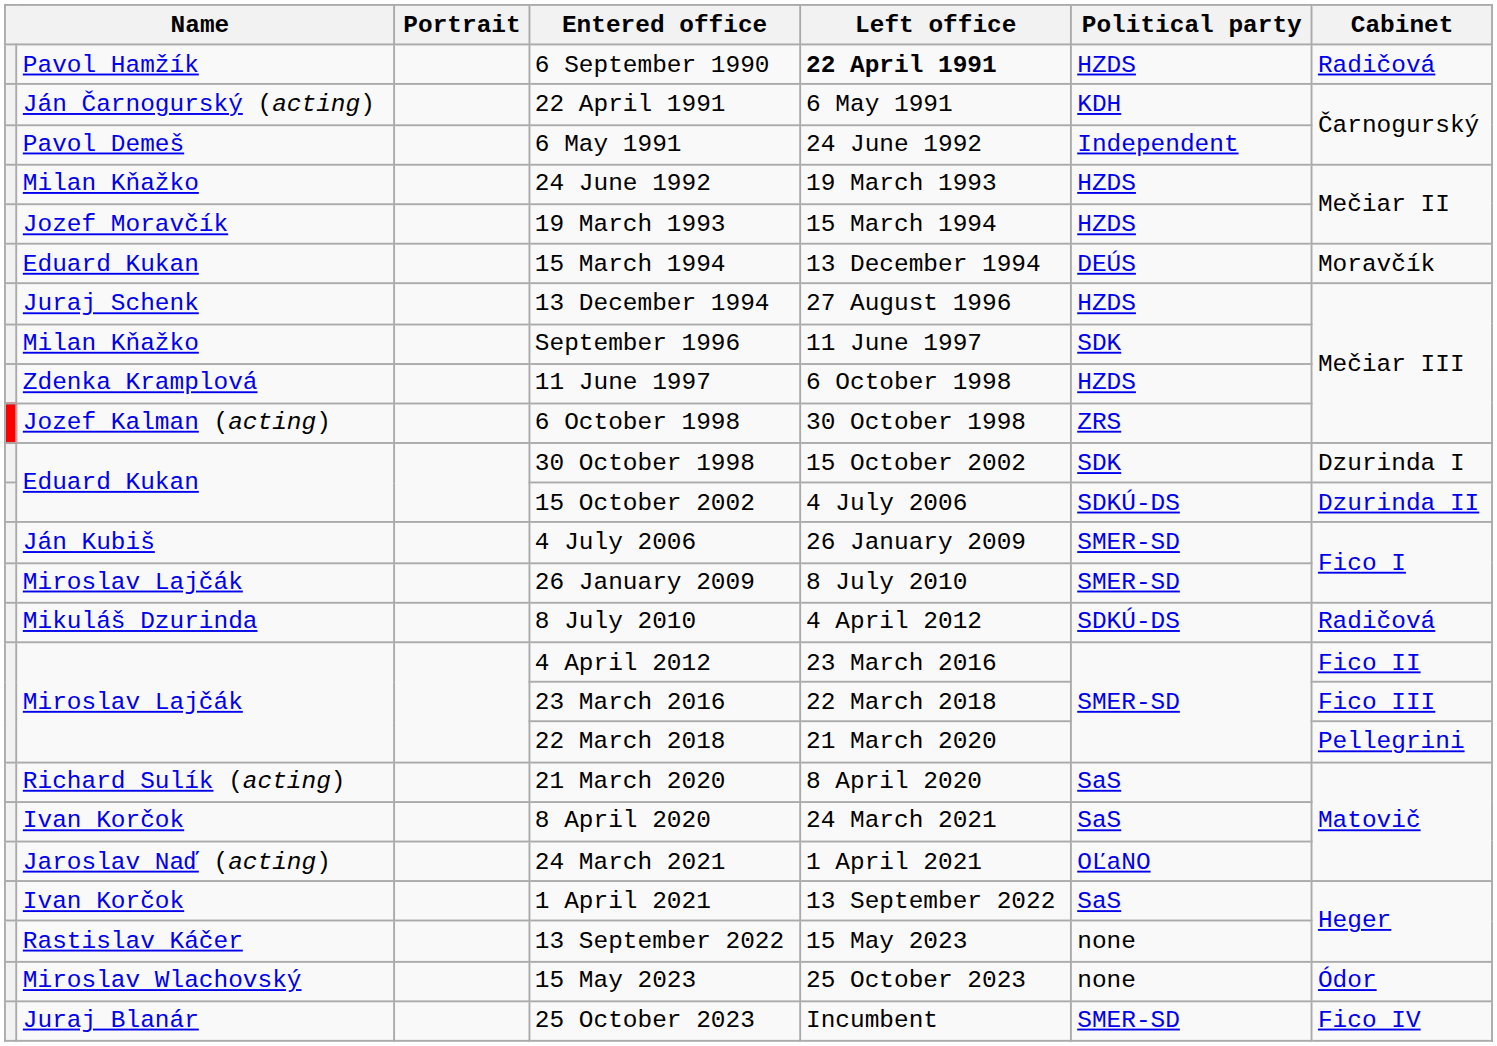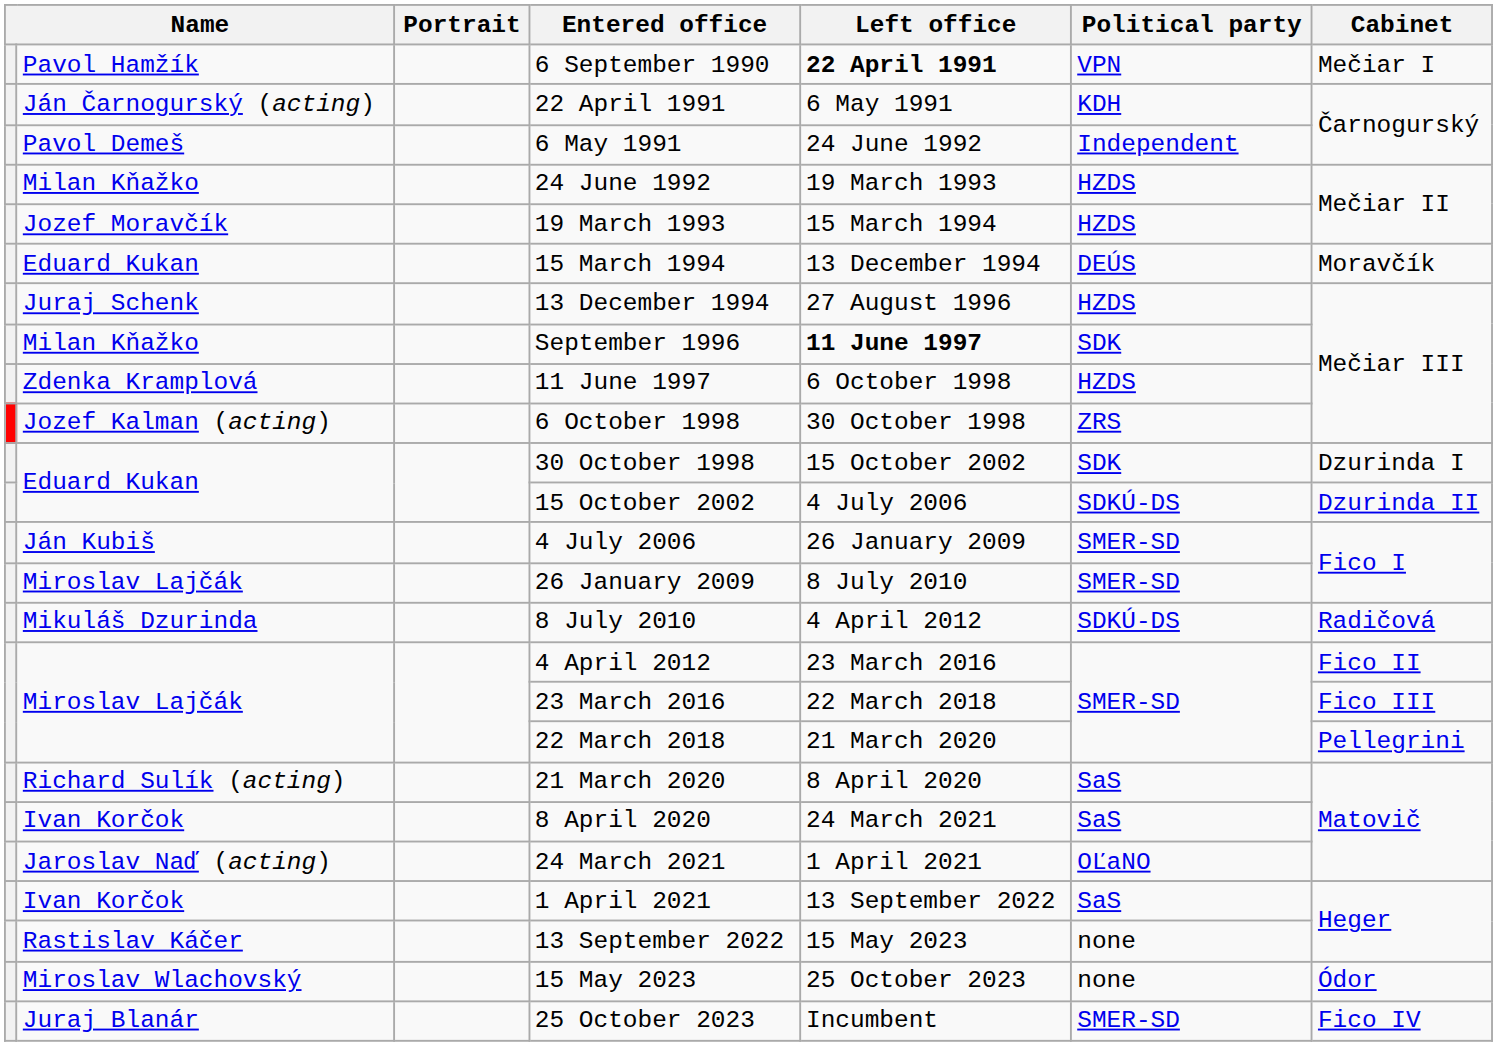 <table class="wikitable" width=50%>
 <tr>
 <th colspan=2>Name</th>
 <th>Portrait</th>
 <th>Entered office</th>
 <th>Left office</th>
 <th>Political party</th>
 <th>Cabinet</th>
 </tr>
 <tr>
 <th style="background-color: "></th>
 <td><a href='#'>Pavol Hamžík</a></td>
 <td></td>
 <td>6 September 1990</td>
 <td><strong>22 April 1991</strong></td>
-<td><a href='#'>HZDS</a></td>
-<td><a href='#'>Radičová</a></td>
+<td><a href='#'>VPN</a></td>
+<td>Mečiar I</td>
 </tr>
 <tr>
 <th style="background-color: "></th>
 <td><a href='#'>Ján Čarnogurský</a> (<em>acting</em>)</td>
 <td></td>
 <td>22 April 1991</td>
 <td>6 May 1991</td>
 <td><a href='#'>KDH</a></td>
 <td rowspan=2>Čarnogurský</td>
 </tr>
 <tr>
 <th style="background-color: "></th>
 <td><a href='#'>Pavol Demeš</a></td>
 <td></td>
 <td>6 May 1991</td>
 <td>24 June 1992</td>
 <td><a href='#'>Independent</a></td>
 </tr>
 <tr>
 <th style="background-color: "></th>
 <td><a href='#'>Milan Kňažko</a></td>
 <td></td>
 <td>24 June 1992</td>
 <td>19 March 1993</td>
 <td><a href='#'>HZDS</a></td>
 <td rowspan=2>Mečiar II</td>
 </tr>
 <tr>
 <th style="background-color: "></th>
 <td><a href='#'>Jozef Moravčík</a></td>
 <td></td>
 <td>19 March 1993</td>
 <td>15 March 1994</td>
 <td><a href='#'>HZDS</a></td>
 </tr>
 <tr>
 <th style="background-color: "></th>
 <td><a href='#'>Eduard Kukan</a></td>
 <td></td>
 <td>15 March 1994</td>
 <td>13 December 1994</td>
 <td><a href='#'>DEÚS</a></td>
 <td>Moravčík</td>
 </tr>
 <tr>
 <th style="background-color: "></th>
 <td><a href='#'>Juraj Schenk</a></td>
 <td></td>
 <td>13 December 1994</td>
 <td>27 August 1996</td>
 <td><a href='#'>HZDS</a></td>
 <td rowspan=4>Mečiar III</td>
 </tr>
 <tr>
 <th style="background-color: "></th>
 <td><a href='#'>Milan Kňažko</a></td>
 <td></td>
 <td>September 1996</td>
-<td>11 June 1997</td>
+<td><strong>11 June 1997</strong></td>
 <td><a href='#'>SDK</a></td>
 </tr>
 <tr>
 <th style="background-color: "></th>
 <td><a href='#'>Zdenka Kramplová</a></td>
 <td></td>
 <td>11 June 1997</td>
 <td>6 October 1998</td>
 <td><a href='#'>HZDS</a></td>
 </tr>
 <tr>
 <th style="background-color:Red"></th>
 <td><a href='#'>Jozef Kalman</a> (<em>acting</em>)</td>
 <td></td>
 <td>6 October 1998</td>
 <td>30 October 1998</td>
 <td><a href='#'>ZRS</a></td>
 </tr>
 <tr>
 <th style="background-color: "></th>
 <td rowspan="2"><a href='#'>Eduard Kukan</a></td>
 <td rowspan="2"></td>
 <td>30 October 1998</td>
 <td>15 October 2002</td>
 <td><a href='#'>SDK</a></td>
 <td>Dzurinda I</td>
 </tr>
 <tr>
 <th style="background-color: "></th>
 <td>15 October 2002</td>
 <td>4 July 2006</td>
 <td><a href='#'>SDKÚ-DS</a></td>
 <td><a href='#'>Dzurinda II</a></td>
 </tr>
 <tr>
 <th style="background-color: "></th>
 <td><a href='#'>Ján Kubiš</a></td>
 <td></td>
 <td>4 July 2006</td>
 <td>26 January 2009</td>
 <td><a href='#'>SMER-SD</a></td>
 <td rowspan=2><a href='#'>Fico I</a></td>
 </tr>
 <tr>
 <th style="background-color: "></th>
 <td><a href='#'>Miroslav Lajčák</a></td>
 <td></td>
 <td>26 January 2009</td>
 <td>8 July 2010</td>
 <td><a href='#'>SMER-SD</a></td>
 </tr>
 <tr>
 <th style="background-color: "></th>
 <td><a href='#'>Mikuláš Dzurinda</a></td>
 <td></td>
 <td>8 July 2010</td>
 <td>4 April 2012</td>
 <td><a href='#'>SDKÚ-DS</a></td>
 <td><a href='#'>Radičová</a></td>
 </tr>
 <tr>
 <th rowspan=3 style="background-color: "></th>
 <td rowspan=3><a href='#'>Miroslav Lajčák</a></td>
 <td rowspan=3></td>
 <td>4 April 2012</td>
 <td>23 March 2016</td>
 <td rowspan=3><a href='#'>SMER-SD</a></td>
 <td><a href='#'>Fico II</a></td>
 </tr>
 <tr>
 <td>23 March 2016</td>
 <td>22 March 2018</td>
 <td><a href='#'>Fico III</a></td>
 </tr>
 <tr>
 <td>22 March 2018</td>
 <td>21 March 2020</td>
 <td><a href='#'>Pellegrini</a></td>
 </tr>
 <tr>
 <th style="background-color: "></th>
 <td><a href='#'>Richard Sulík</a> (<em>acting</em>)</td>
 <td></td>
 <td>21 March 2020</td>
 <td>8 April 2020</td>
 <td><a href='#'>SaS</a></td>
 <td rowspan=3><a href='#'>Matovič</a></td>
 </tr>
 <tr>
 <th style="background-color: "></th>
 <td><a href='#'>Ivan Korčok</a></td>
 <td></td>
 <td>8 April 2020</td>
 <td>24 March 2021</td>
 <td><a href='#'>SaS</a></td>
 </tr>
 <tr>
 <th style="background-color: "></th>
 <td><a href='#'>Jaroslav Naď</a> (<em>acting</em>)</td>
 <td></td>
 <td>24 March 2021</td>
 <td>1 April 2021</td>
 <td><a href='#'>OĽaNO</a></td>
 </tr>
 <tr>
 <th style="background-color: "></th>
 <td><a href='#'>Ivan Korčok</a></td>
 <td></td>
 <td>1 April 2021</td>
 <td>13 September 2022</td>
 <td><a href='#'>SaS</a></td>
 <td rowspan=2><a href='#'>Heger</a></td>
 </tr>
 <tr>
 <th style="background-color: "></th>
 <td><a href='#'>Rastislav Káčer</a></td>
 <td></td>
 <td>13 September 2022</td>
 <td>15 May 2023</td>
 <td>none</td>
 </tr>
 <tr>
 <th style="background-color: "></th>
 <td><a href='#'>Miroslav Wlachovský</a></td>
 <td></td>
 <td>15 May 2023</td>
 <td>25 October 2023</td>
 <td>none</td>
 <td><a href='#'>Ódor</a></td>
 </tr>
 <tr>
 <th style="background-color: "></th>
 <td><a href='#'>Juraj Blanár</a></td>
 <td></td>
 <td>25 October 2023</td>
 <td>Incumbent</td>
 <td><a href='#'>SMER-SD</a></td>
 <td><a href='#'>Fico IV</a></td>
 </tr>
 </table>
